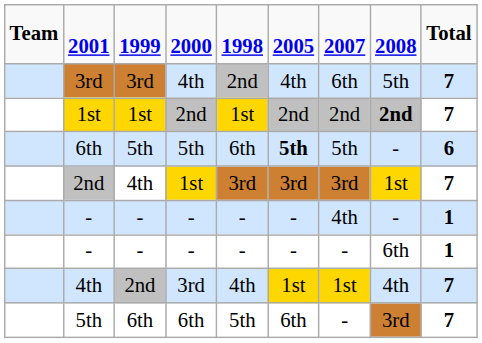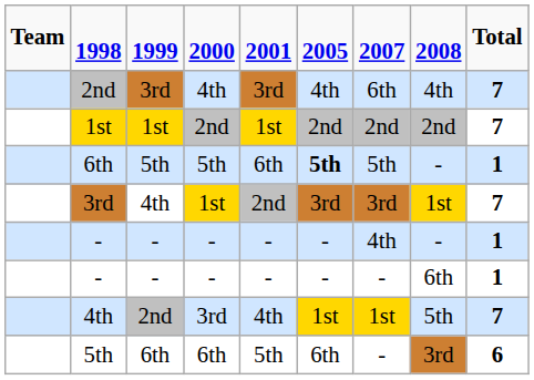 <table class="wikitable" style="text-align:center; font-size:90%">
 <tr bgcolor=>
 <td><strong>Team</strong></td>
-<td><strong><br><a href='#'>2001</a></strong></td>
+<td><strong><br><a href='#'>1998</a></strong></td>
 <td><strong><br><a href='#'>1999</a></strong></td>
 <td><strong><br><a href='#'>2000</a></strong></td>
-<td><strong><br><a href='#'>1998</a></strong></td>
+<td><strong><br><a href='#'>2001</a></strong></td>
 <td><strong><br><a href='#'>2005</a></strong></td>
 <td><strong><br><a href='#'>2007</a></strong></td>
 <td><strong><br><a href='#'>2008</a></strong></td>
 <td><strong>Total</strong></td>
 </tr>
 <tr style="background: #D0E6FF">
 <td align=left></td>
-<td style="background:#CD7F32">3rd</td>
+<td style="background: silver">2nd</td>
 <td style="background:#CD7F32">3rd</td>
 <td>4th</td>
-<td style="background: silver">2nd</td>
+<td style="background:#CD7F32">3rd</td>
 <td>4th</td>
 <td>6th</td>
-<td>5th</td>
+<td>4th</td>
 <td><strong>7</strong></td>
 </tr>
 <tr style="background: #FFFFFF">
 <td align=left></td>
 <td style="background: gold">1st</td>
 <td style="background: gold">1st</td>
 <td style="background: silver">2nd</td>
 <td style="background: gold">1st</td>
 <td style="background: silver">2nd</td>
 <td style="background: silver">2nd</td>
-<td style="background: silver"><strong>2nd</strong></td>
+<td style="background: silver">2nd</td>
 <td><strong>7</strong></td>
 </tr>
 <tr style="background: #D0E6FF">
 <td align=left></td>
 <td>6th</td>
 <td>5th</td>
 <td>5th</td>
 <td>6th</td>
 <td><strong>5th</strong></td>
 <td>5th</td>
 <td>-</td>
-<td><strong>6</strong></td>
+<td><strong>1</strong></td>
 </tr>
 <tr style="background: #FFFFFF">
 <td align=left></td>
-<td style="background: silver">2nd</td>
+<td style="background:#CD7F32">3rd</td>
 <td>4th</td>
 <td style="background: gold">1st</td>
-<td style="background:#CD7F32">3rd</td>
+<td style="background: silver">2nd</td>
 <td style="background:#CD7F32">3rd</td>
 <td style="background:#CD7F32">3rd</td>
 <td style="background: gold">1st</td>
 <td><strong>7</strong></td>
 </tr>
 <tr style="background: #D0E6FF">
 <td align=left></td>
 <td>-</td>
 <td>-</td>
 <td>-</td>
 <td>-</td>
 <td>-</td>
 <td>4th</td>
 <td>-</td>
 <td><strong>1</strong></td>
 </tr>
 <tr style="background: #FFFFFF">
 <td align=left></td>
 <td>-</td>
 <td>-</td>
 <td>-</td>
 <td>-</td>
 <td>-</td>
 <td>-</td>
 <td>6th</td>
 <td><strong>1</strong></td>
 </tr>
 <tr style="background: #D0E6FF">
 <td align=left></td>
 <td>4th</td>
 <td style="background: silver">2nd</td>
 <td style="background: bronze">3rd</td>
 <td>4th</td>
 <td style="background: gold">1st</td>
 <td style="background: gold">1st</td>
-<td>4th</td>
+<td>5th</td>
 <td><strong>7</strong></td>
 </tr>
 <tr style="background: #FFFFFF">
 <td align=left></td>
 <td>5th</td>
 <td>6th</td>
 <td>6th</td>
 <td>5th</td>
 <td>6th</td>
 <td>-</td>
 <td style="background:#CD7F32">3rd</td>
-<td><strong>7</strong></td>
+<td><strong>6</strong></td>
 </tr>
 </table>
